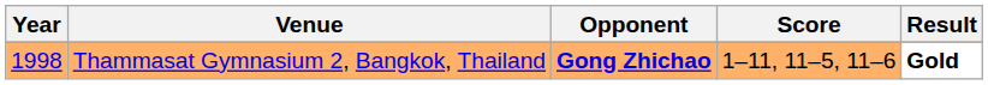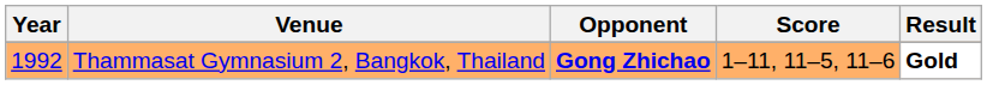 <table class="sortable wikitable" style="font-size:90%">
 <tr>
 <th>Year</th>
 <th>Venue</th>
 <th>Opponent</th>
 <th>Score</th>
 <th>Result</th>
 </tr>
 <tr>
 </tr>
 <tr style="background:#FFB069">
-<td align="center"><a href='#'>1998</a></td>
+<td align="center"><a href='#'>1992</a></td>
 <td align="left"><a href='#'>Thammasat Gymnasium 2</a>, <a href='#'>Bangkok</a>, <a href='#'>Thailand</a></td>
 <td align="left"><strong> <a href='#'>Gong Zhichao</a></strong></td>
 <td align="left">1–11, 11–5, 11–6</td>
 <td style="text-align:left; background:white"> <strong>Gold</strong></td>
 </tr>
 </table>
